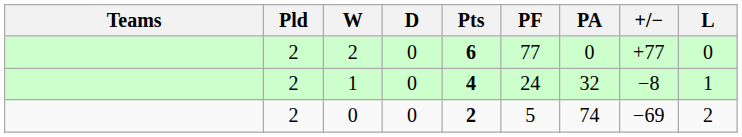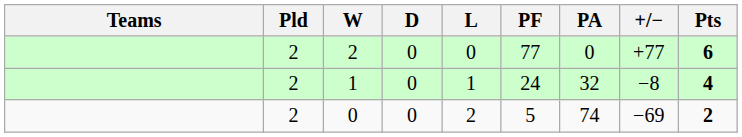 <table class="wikitable" style="text-align: center;">
 <tr>
 <th width="200">Teams</th>
 <th width="40">Pld</th>
 <th width="40">W</th>
 <th width="40">D</th>
-<th width="40">Pts</th>
+<th width="40">L</th>
 <th width="40">PF</th>
 <th width="40">PA</th>
 <th width="40">+/−</th>
-<th width="40">L</th>
+<th width="40">Pts</th>
 </tr>
 <tr bgcolor=ccffcc>
 <td align=left></td>
 <td>2</td>
 <td>2</td>
 <td>0</td>
-<td><strong>6</strong></td>
+<td>0</td>
 <td>77</td>
 <td>0</td>
 <td>+77</td>
-<td>0</td>
+<td><strong>6</strong></td>
 </tr>
 <tr bgcolor=ccffcc>
 <td align=left></td>
 <td>2</td>
 <td>1</td>
 <td>0</td>
-<td><strong>4</strong></td>
+<td>1</td>
 <td>24</td>
 <td>32</td>
 <td>−8</td>
-<td>1</td>
+<td><strong>4</strong></td>
 </tr>
 <tr>
 <td align=left></td>
 <td>2</td>
 <td>0</td>
 <td>0</td>
-<td><strong>2</strong></td>
+<td>2</td>
 <td>5</td>
 <td>74</td>
 <td>−69</td>
-<td>2</td>
+<td><strong>2</strong></td>
 </tr>
 </table>
